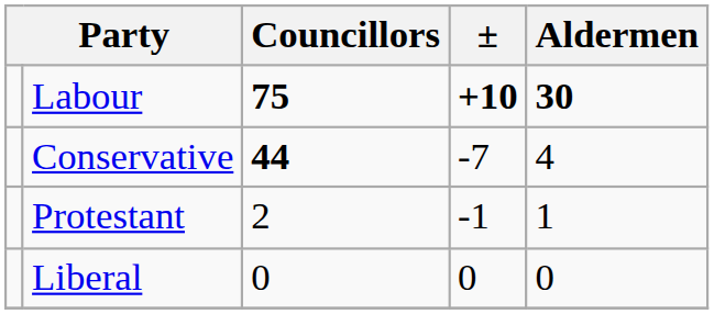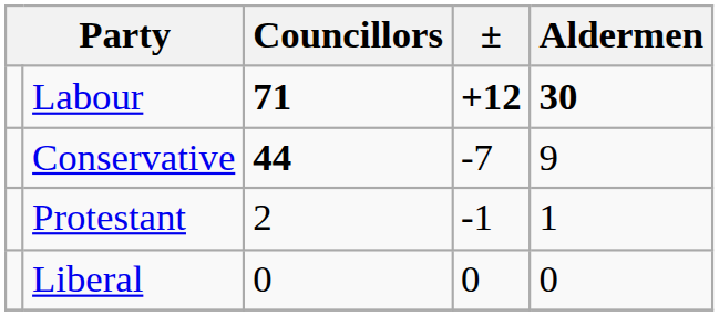 <table class="wikitable">
 <tr>
 <th colspan="2">Party</th>
 <th>Councillors</th>
 <th>  ±  </th>
 <th>Aldermen</th>
 </tr>
 <tr>
 <td style="background-color: "></td>
 <td><a href='#'>Labour</a></td>
-<td><strong>75</strong></td>
-<td><strong>+10</strong></td>
+<td><strong>71</strong></td>
+<td><strong>+12</strong></td>
 <td><strong>30</strong></td>
 </tr>
 <tr>
 <td style="background-color: "></td>
 <td><a href='#'>Conservative</a></td>
 <td><strong>44</strong></td>
 <td>-7</td>
-<td>4</td>
+<td>9</td>
 </tr>
 <tr>
 <td style="background-color: "></td>
 <td><a href='#'>Protestant</a></td>
 <td>2</td>
 <td>-1</td>
 <td>1</td>
 </tr>
 <tr>
 <td style="background-color: "></td>
 <td><a href='#'>Liberal</a></td>
 <td>0</td>
 <td>0</td>
 <td>0</td>
 </tr>
 <tr>
 </tr>
 </table>
